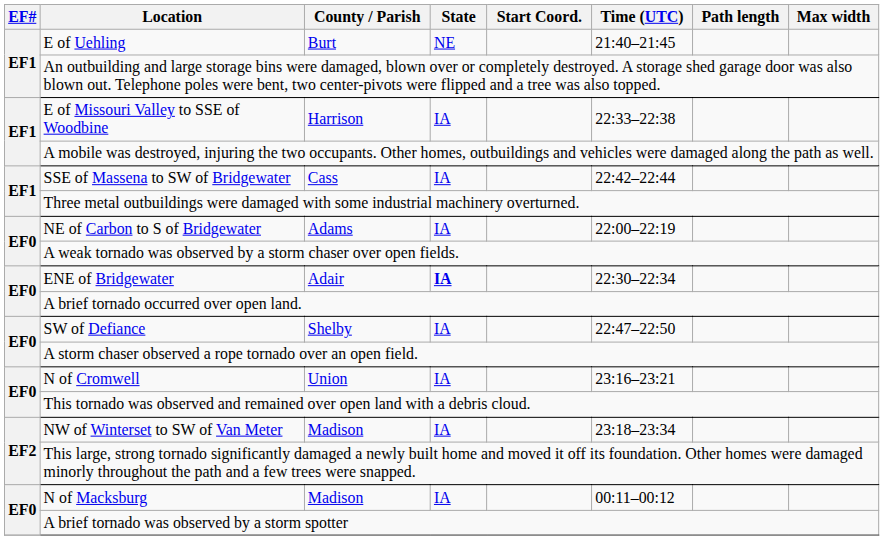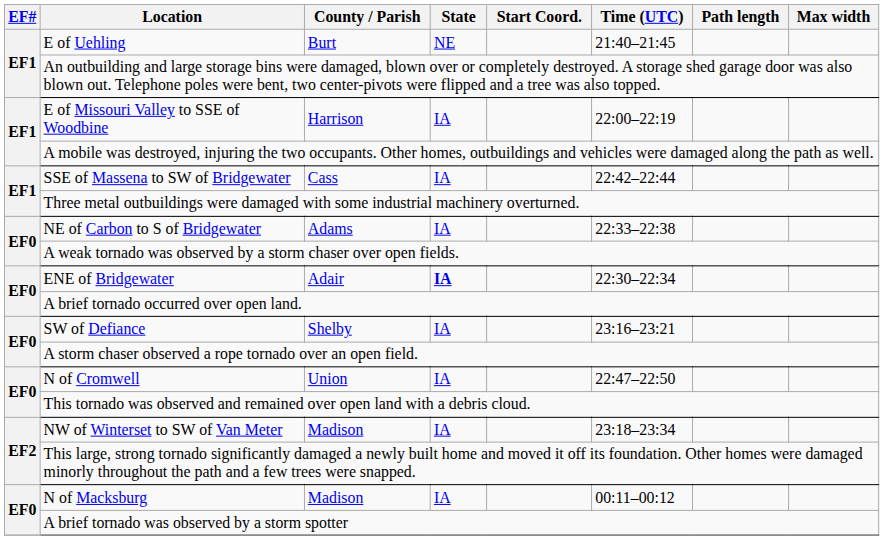 <table class="wikitable sortable" style="width:100%;">
 <tr>
 <th scope="col" width="2%" align="center"><a href='#'>EF#</a></th>
 <th scope="col" align="center" class="unsortable">Location</th>
 <th scope="col" align="center" class="unsortable">County / Parish</th>
 <th scope="col" align="center">State</th>
 <th scope="col" align="center">Start Coord.</th>
 <th scope="col" align="center">Time (<a href='#'>UTC</a>)</th>
 <th scope="col" align="center">Path length</th>
 <th scope="col" align="center">Max width</th>
 </tr>
 <tr>
 <th scope="row" rowspan="2" style="background-color:#">EF1</th>
 <td>E of <a href='#'>Uehling</a></td>
 <td><a href='#'>Burt</a></td>
 <td><a href='#'>NE</a></td>
 <td></td>
 <td>21:40–21:45</td>
 <td></td>
 <td></td>
 </tr>
 <tr class="expand-child">
 <td colspan="8" style=" border-bottom: 1px solid black;">An outbuilding and large storage bins were damaged, blown over or completely destroyed. A storage shed garage door was also blown out. Telephone poles were bent, two center-pivots were flipped and a tree was also topped.</td>
 </tr>
 <tr>
 <th scope="row" rowspan="2" style="background-color:#">EF1</th>
 <td>E of <a href='#'>Missouri Valley</a> to SSE of <a href='#'>Woodbine</a></td>
 <td><a href='#'>Harrison</a></td>
 <td><a href='#'>IA</a></td>
 <td></td>
-<td>22:33–22:38</td>
+<td>22:00–22:19</td>
 <td></td>
 <td></td>
 </tr>
 <tr class="expand-child">
 <td colspan="8" style=" border-bottom: 1px solid black;">A mobile was destroyed, injuring the two occupants. Other homes, outbuildings and vehicles were damaged along the path as well.</td>
 </tr>
 <tr>
 <th scope="row" rowspan="2" style="background-color:#">EF1</th>
 <td>SSE of <a href='#'>Massena</a> to SW of <a href='#'>Bridgewater</a></td>
 <td><a href='#'>Cass</a></td>
 <td><a href='#'>IA</a></td>
 <td></td>
 <td>22:42–22:44</td>
 <td></td>
 <td></td>
 </tr>
 <tr class="expand-child">
 <td colspan="8" style=" border-bottom: 1px solid black;">Three metal outbuildings were damaged with some industrial machinery overturned.</td>
 </tr>
 <tr>
 <th scope="row" rowspan="2" style="background-color:#">EF0</th>
 <td>NE of <a href='#'>Carbon</a> to S of <a href='#'>Bridgewater</a></td>
 <td><a href='#'>Adams</a></td>
 <td><a href='#'>IA</a></td>
 <td></td>
-<td>22:00–22:19</td>
+<td>22:33–22:38</td>
 <td></td>
 <td></td>
 </tr>
 <tr class="expand-child">
 <td colspan="8" style=" border-bottom: 1px solid black;">A weak tornado was observed by a storm chaser over open fields.</td>
 </tr>
 <tr>
 <th scope="row" rowspan="2" style="background-color:#">EF0</th>
 <td>ENE of <a href='#'>Bridgewater</a></td>
 <td><a href='#'>Adair</a></td>
 <td><strong><a href='#'>IA</a></strong></td>
 <td></td>
 <td>22:30–22:34</td>
 <td></td>
 <td></td>
 </tr>
 <tr class="expand-child">
 <td colspan="8" style=" border-bottom: 1px solid black;">A brief tornado occurred over open land.</td>
 </tr>
 <tr>
 <th scope="row" rowspan="2" style="background-color:#">EF0</th>
 <td>SW of <a href='#'>Defiance</a></td>
 <td><a href='#'>Shelby</a></td>
 <td><a href='#'>IA</a></td>
 <td></td>
-<td>22:47–22:50</td>
+<td>23:16–23:21</td>
 <td></td>
 <td></td>
 </tr>
 <tr class="expand-child">
 <td colspan="8" style=" border-bottom: 1px solid black;">A storm chaser observed a rope tornado over an open field.</td>
 </tr>
 <tr>
 <th scope="row" rowspan="2" style="background-color:#">EF0</th>
 <td>N of <a href='#'>Cromwell</a></td>
 <td><a href='#'>Union</a></td>
 <td><a href='#'>IA</a></td>
 <td></td>
-<td>23:16–23:21</td>
+<td>22:47–22:50</td>
 <td></td>
 <td></td>
 </tr>
 <tr class="expand-child">
 <td colspan="8" style=" border-bottom: 1px solid black;">This tornado was observed and remained over open land with a debris cloud.</td>
 </tr>
 <tr>
 <th scope="row" rowspan="2" style="background-color:#">EF2</th>
 <td>NW of <a href='#'>Winterset</a> to SW of <a href='#'>Van Meter</a></td>
 <td><a href='#'>Madison</a></td>
 <td><a href='#'>IA</a></td>
 <td></td>
 <td>23:18–23:34</td>
 <td></td>
 <td></td>
 </tr>
 <tr class="expand-child">
 <td colspan="8" style=" border-bottom: 1px solid black;">This large, strong tornado significantly damaged a newly built home and moved it off its foundation. Other homes were damaged minorly throughout the path and a few trees were snapped.</td>
 </tr>
 <tr>
 <th scope="row" rowspan="2" style="background-color:#">EF0</th>
 <td>N of <a href='#'>Macksburg</a></td>
 <td><a href='#'>Madison</a></td>
 <td><a href='#'>IA</a></td>
 <td></td>
 <td>00:11–00:12</td>
 <td></td>
 <td></td>
 </tr>
 <tr class="expand-child">
 <td colspan="8" style=" border-bottom: 1px solid black;">A brief tornado was observed by a storm spotter</td>
 </tr>
 <tr>
 </tr>
 </table>
